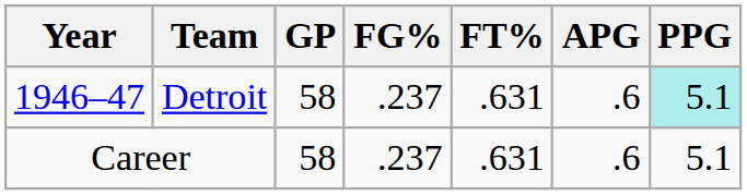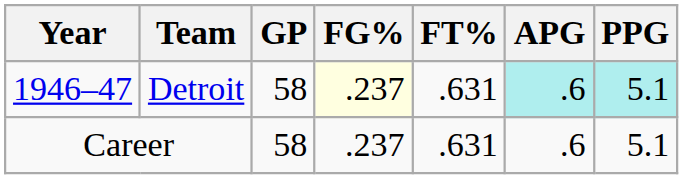 <table class="wikitable sortable" style="font-size:95%; text-align:right;">
 <tr>
 <th>Year</th>
 <th>Team</th>
 <th>GP</th>
 <th>FG%</th>
 <th>FT%</th>
 <th>APG</th>
 <th>PPG</th>
 </tr>
 <tr>
 <td style="text-align:left;"><a href='#'>1946–47</a></td>
 <td style="text-align:left;"><a href='#'>Detroit</a></td>
 <td>58</td>
-<td>.237</td>
+<td style="background: lightyellow;">.237</td>
 <td>.631</td>
-<td>.6</td>
+<td style="background: paleturquoise;">.6</td>
 <td style="background: paleturquoise;">5.1</td>
 </tr>
 <tr>
 <td style="text-align:center;" colspan="2">Career</td>
 <td>58</td>
 <td>.237</td>
 <td>.631</td>
 <td>.6</td>
 <td>5.1</td>
 </tr>
 </table>
